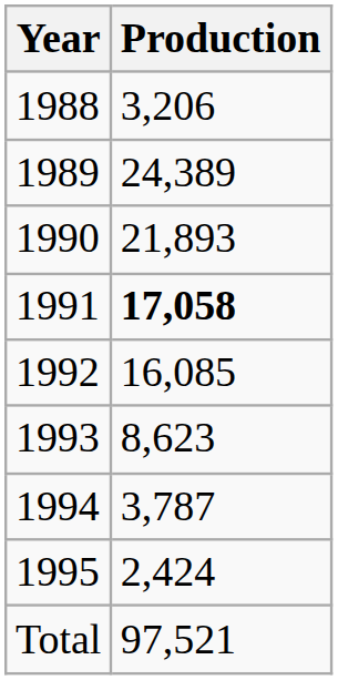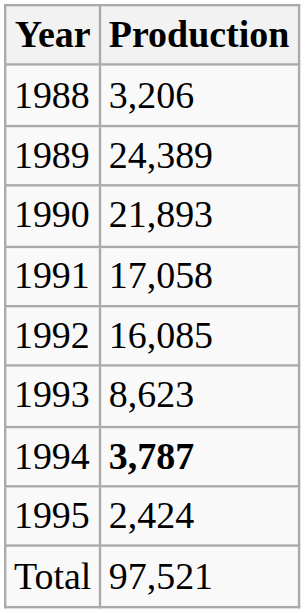 <table class="wikitable">
 <tr>
 <th>Year</th>
 <th>Production</th>
 </tr>
 <tr>
 <td>1988</td>
 <td>3,206</td>
 </tr>
 <tr>
 <td>1989</td>
 <td>24,389</td>
 </tr>
 <tr>
 <td>1990</td>
 <td>21,893</td>
 </tr>
 <tr>
 <td>1991</td>
-<td><strong>17,058</strong></td>
+<td>17,058</td>
 </tr>
 <tr>
 <td>1992</td>
 <td>16,085</td>
 </tr>
 <tr>
 <td>1993</td>
 <td>8,623</td>
 </tr>
 <tr>
 <td>1994</td>
-<td>3,787</td>
+<td><strong>3,787</strong></td>
 </tr>
 <tr>
 <td>1995</td>
 <td>2,424</td>
 </tr>
 <tr>
 <td>Total</td>
 <td>97,521</td>
 </tr>
 </table>
